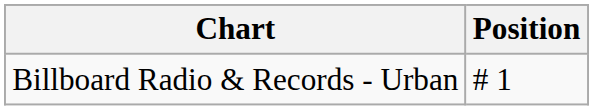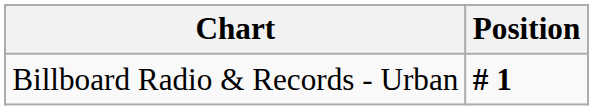 <table class="wikitable">
 <tr>
 <th align="left">Chart</th>
 <th align="left">Position</th>
 </tr>
 <tr>
 <td align="left">Billboard Radio & Records - Urban</td>
-<td align="left"># 1</td>
+<td align="left"><strong># 1</strong></td>
 </tr>
 </table>
